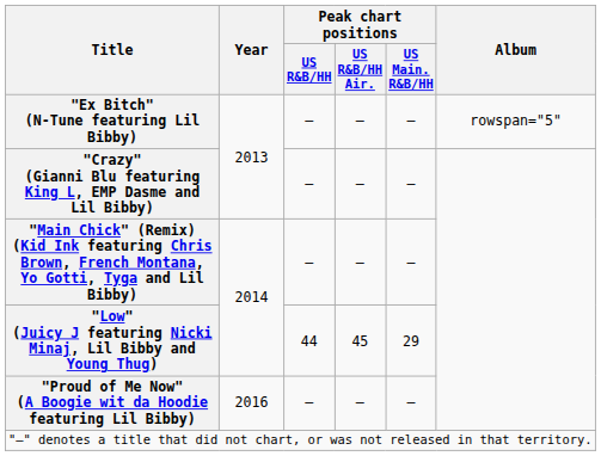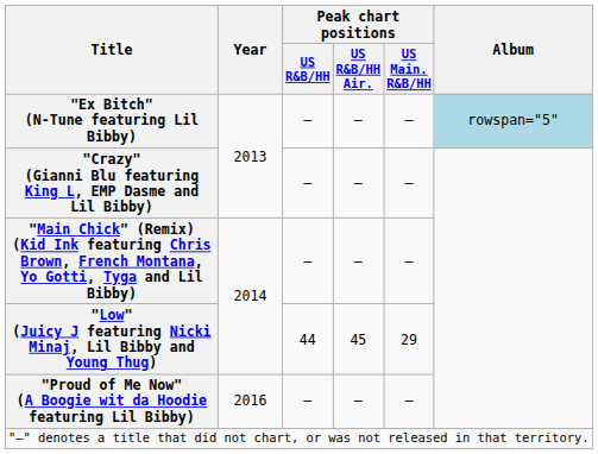 <table class="wikitable plainrowheaders" style="text-align:center;">
 <tr>
 <th scope="col" rowspan="2" style="width:15em;">Title</th>
 <th scope="col" rowspan="2">Year</th>
 <th scope="col" colspan="3">Peak chart positions</th>
 <th scope="col" rowspan="2">Album</th>
 </tr>
 <tr>
 <th scope="col" style="width:3em;font-size:90%;"><a href='#'>US<br>R&B/HH</a><br></th>
 <th scope="col" style="width:3em;font-size:90%;"><a href='#'>US<br>R&B/HH<br>Air.</a><br></th>
 <th scope="col" style="width:3em;font-size:90%;"><a href='#'>US<br>Main.<br>R&B/HH</a><br></th>
 </tr>
 <tr>
 <th scope="row">"Ex Bitch"<br><span>(N-Tune featuring Lil Bibby)</span></th>
 <td rowspan="2">2013</td>
 <td>—</td>
 <td>—</td>
 <td>—</td>
-<td>rowspan="5" </td>
+<td style="background: lightblue;">rowspan="5" </td>
 </tr>
 <tr>
 <th scope="row">"Crazy"<br><span>(Gianni Blu featuring <a href='#'>King L</a>, EMP Dasme and Lil Bibby)</span></th>
 <td>—</td>
 <td>—</td>
 <td>—</td>
 </tr>
 <tr>
 <th scope="row">"<a href='#'>Main Chick</a>" (Remix)<br><span>(<a href='#'>Kid Ink</a> featuring <a href='#'>Chris Brown</a>, <a href='#'>French Montana</a>, <a href='#'>Yo Gotti</a>, <a href='#'>Tyga</a> and Lil Bibby)</span></th>
 <td rowspan="2">2014</td>
 <td>—</td>
 <td>—</td>
 <td>—</td>
 </tr>
 <tr>
 <th scope="row">"<a href='#'>Low</a>"<br><span>(<a href='#'>Juicy J</a> featuring <a href='#'>Nicki Minaj</a>, Lil Bibby and <a href='#'>Young Thug</a>)</span></th>
 <td>44</td>
 <td>45</td>
 <td>29</td>
 </tr>
 <tr>
 <th scope="row">"Proud of Me Now"<br><span>(<a href='#'>A Boogie wit da Hoodie</a> featuring Lil Bibby)</span></th>
 <td>2016</td>
 <td>—</td>
 <td>—</td>
 <td>—</td>
 </tr>
 <tr>
 <td colspan="14" style="font-size:90%">"—" denotes a title that did not chart, or was not released in that territory.</td>
 </tr>
 </table>
